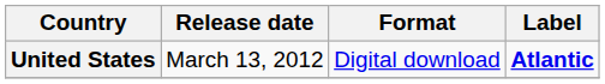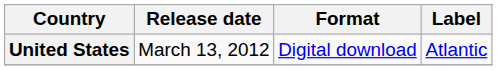 <table class="wikitable plainrowheaders">
 <tr>
 <th scope="col">Country</th>
 <th scope="col">Release date</th>
 <th scope="col">Format</th>
 <th scope="col">Label</th>
 </tr>
 <tr>
 <th scope="row">United States</th>
 <td>March 13, 2012</td>
 <td><a href='#'>Digital download</a></td>
-<td><strong><a href='#'>Atlantic</a></strong></td>
+<td><a href='#'>Atlantic</a></td>
 </tr>
 <tr>
 </tr>
 </table>
